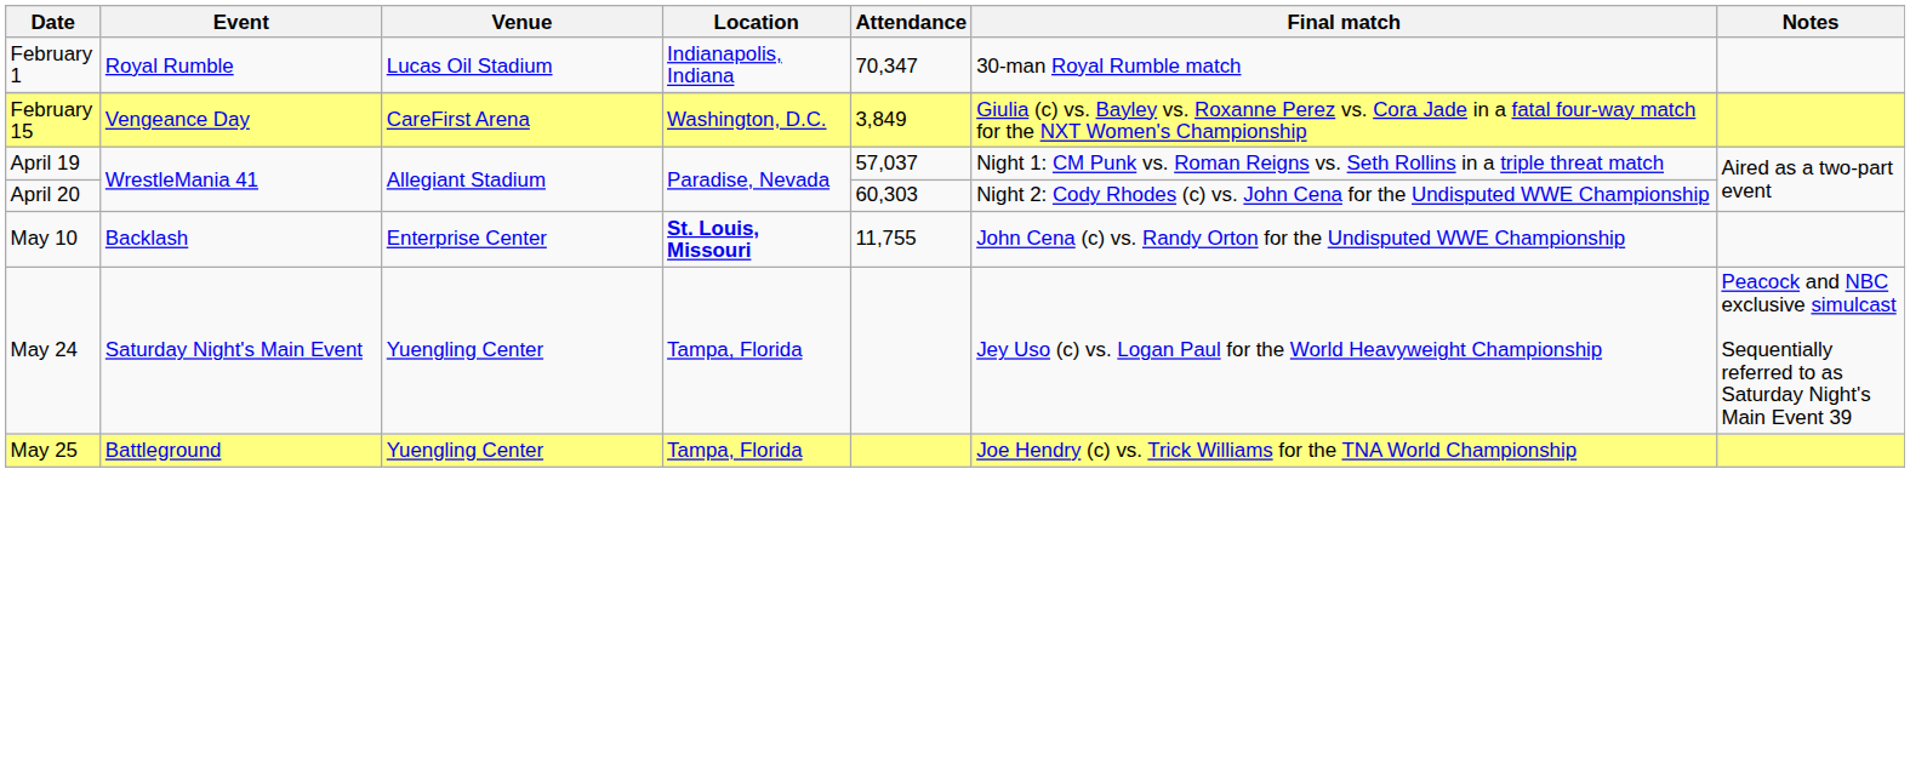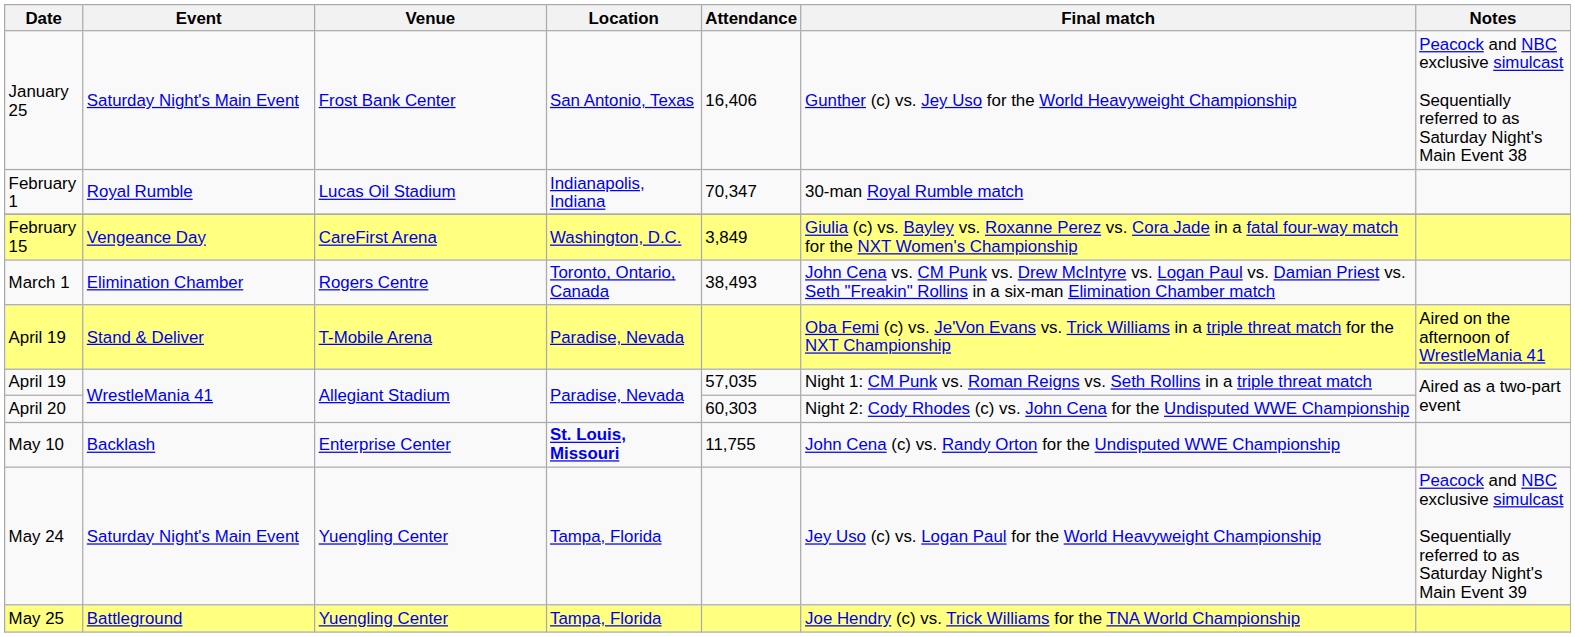 <table id="Past_events_2025" class="sortable wikitable succession-box" style="font-size:85%; width:100%">
 <tr>
 <th scope="col" style="width:5%;">Date</th>
 <th scope="col" style="width:15%;">Event</th>
 <th scope="col" style="width:15%;">Venue</th>
 <th scope="col" style="width:10%;">Location</th>
 <th scope="col" style="width:5%;">Attendance</th>
 <th scope="col" style="width:40%;">Final match</th>
 <th scope="col" style="width:10%;">Notes</th>
+</tr>
+<tr>
+<td>January 25</td>
+<td><a href='#'>Saturday Night's Main Event</a></td>
+<td><a href='#'>Frost Bank Center</a></td>
+<td><a href='#'>San Antonio, Texas</a></td>
+<td>16,406</td>
+<td><a href='#'>Gunther</a> (c) vs. <a href='#'>Jey Uso</a> for the <a href='#'>World Heavyweight Championship</a></td>
+<td><a href='#'>Peacock</a> and <a href='#'>NBC</a> exclusive <a href='#'>simulcast</a><br><br> Sequentially referred to as Saturday Night's Main Event 38</td>
 </tr>
 <tr>
 <td>February 1</td>
 <td><a href='#'>Royal Rumble</a></td>
 <td><a href='#'>Lucas Oil Stadium</a></td>
 <td><a href='#'>Indianapolis, Indiana</a></td>
 <td>70,347</td>
 <td>30-man <a href='#'>Royal Rumble match</a></td>
 <td></td>
 </tr>
 <tr>
 </tr>
 <tr style="background: #FFFF80">
 <td>February 15</td>
 <td><a href='#'>Vengeance Day</a></td>
 <td><a href='#'>CareFirst Arena</a></td>
 <td><a href='#'>Washington, D.C.</a></td>
 <td>3,849</td>
 <td><a href='#'>Giulia</a> (c) vs. <a href='#'>Bayley</a> vs. <a href='#'>Roxanne Perez</a> vs. <a href='#'>Cora Jade</a> in a <a href='#'>fatal four-way match</a> for the <a href='#'>NXT Women's Championship</a></td>
 <td></td>
 </tr>
 <tr>
+<td>March 1</td>
+<td><a href='#'>Elimination Chamber</a></td>
+<td><a href='#'>Rogers Centre</a></td>
+<td><a href='#'>Toronto, Ontario, Canada</a></td>
+<td>38,493</td>
+<td><a href='#'>John Cena</a> vs. <a href='#'>CM Punk</a> vs. <a href='#'>Drew McIntyre</a> vs. <a href='#'>Logan Paul</a> vs. <a href='#'>Damian Priest</a> vs. <a href='#'>Seth "Freakin" Rollins</a> in a six-man <a href='#'>Elimination Chamber match</a></td>
+<td></td>
+</tr>
+<tr style="background: #FFFF80">
+<td>April 19</td>
+<td><a href='#'>Stand & Deliver</a></td>
+<td><a href='#'>T-Mobile Arena</a></td>
+<td><a href='#'>Paradise, Nevada</a></td>
+<td></td>
+<td><a href='#'>Oba Femi</a> (c) vs. <a href='#'>Je'Von Evans</a> vs. <a href='#'>Trick Williams</a> in a <a href='#'>triple threat match</a> for the <a href='#'>NXT Championship</a></td>
+<td>Aired on the afternoon of <a href='#'>WrestleMania 41</a></td>
+</tr>
+<tr>
 <td>April 19</td>
 <td rowspan="2"><a href='#'>WrestleMania 41</a></td>
 <td rowspan="2"><a href='#'>Allegiant Stadium</a></td>
 <td rowspan="2"><a href='#'>Paradise, Nevada</a></td>
-<td>57,037</td>
+<td>57,035</td>
 <td>Night 1: <a href='#'>CM Punk</a> vs. <a href='#'>Roman Reigns</a> vs. <a href='#'>Seth Rollins</a> in a <a href='#'>triple threat match</a></td>
 <td rowspan="2">Aired as a two-part event</td>
 </tr>
 <tr>
 <td>April 20</td>
 <td>60,303</td>
 <td>Night 2: <a href='#'>Cody Rhodes</a> (c) vs. <a href='#'>John Cena</a> for the <a href='#'>Undisputed WWE Championship</a></td>
 </tr>
 <tr>
 <td>May 10</td>
 <td><a href='#'>Backlash</a></td>
 <td><a href='#'>Enterprise Center</a></td>
 <td><strong><a href='#'>St. Louis, Missouri</a></strong></td>
 <td>11,755</td>
 <td><a href='#'>John Cena</a> (c) vs. <a href='#'>Randy Orton</a> for the <a href='#'>Undisputed WWE Championship</a></td>
 <td></td>
 </tr>
 <tr>
 <td>May 24</td>
 <td><a href='#'>Saturday Night's Main Event</a></td>
 <td><a href='#'>Yuengling Center</a></td>
 <td><a href='#'>Tampa, Florida</a></td>
 <td></td>
 <td><a href='#'>Jey Uso</a> (c) vs. <a href='#'>Logan Paul</a> for the <a href='#'>World Heavyweight Championship</a></td>
 <td><a href='#'>Peacock</a> and <a href='#'>NBC</a> exclusive <a href='#'>simulcast</a><br><br>Sequentially referred to as Saturday Night's Main Event 39</td>
 </tr>
 <tr style="background: #FFFF80">
 <td>May 25</td>
 <td><a href='#'>Battleground</a></td>
 <td><a href='#'>Yuengling Center</a></td>
 <td><a href='#'>Tampa, Florida</a></td>
 <td></td>
 <td><a href='#'>Joe Hendry</a> (c) vs. <a href='#'>Trick Williams</a> for the <a href='#'>TNA World Championship</a></td>
 <td></td>
 </tr>
 </table>
